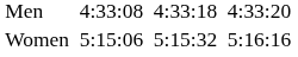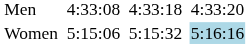 <table>
 <tr>
 <td>Men<br></td>
 <td></td>
 <td>4:33:08</td>
 <td></td>
 <td>4:33:18</td>
 <td></td>
 <td>4:33:20</td>
 </tr>
 <tr>
 <td>Women<br></td>
 <td></td>
 <td>5:15:06</td>
 <td></td>
 <td>5:15:32</td>
 <td></td>
-<td>5:16:16</td>
+<td style="background: lightblue;">5:16:16</td>
 </tr>
 </table>
